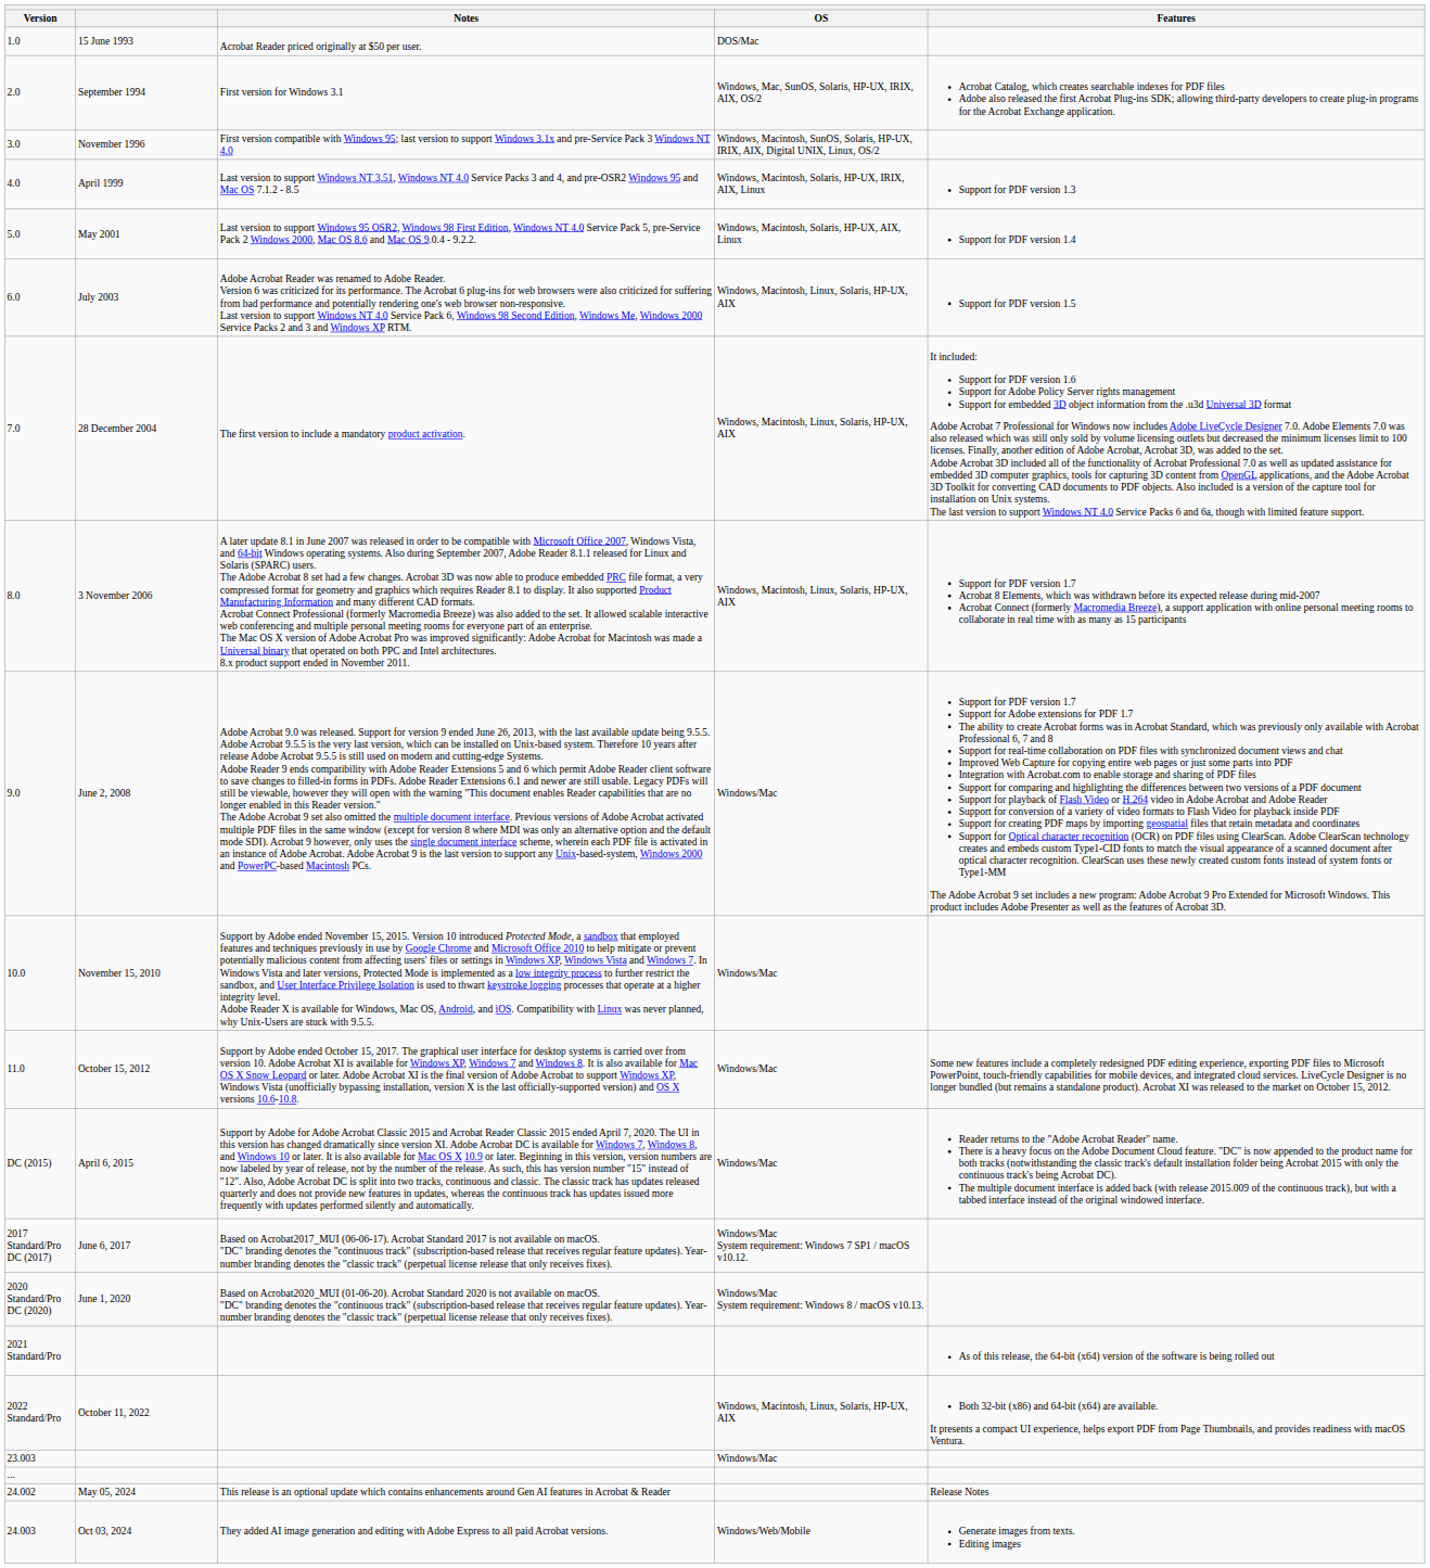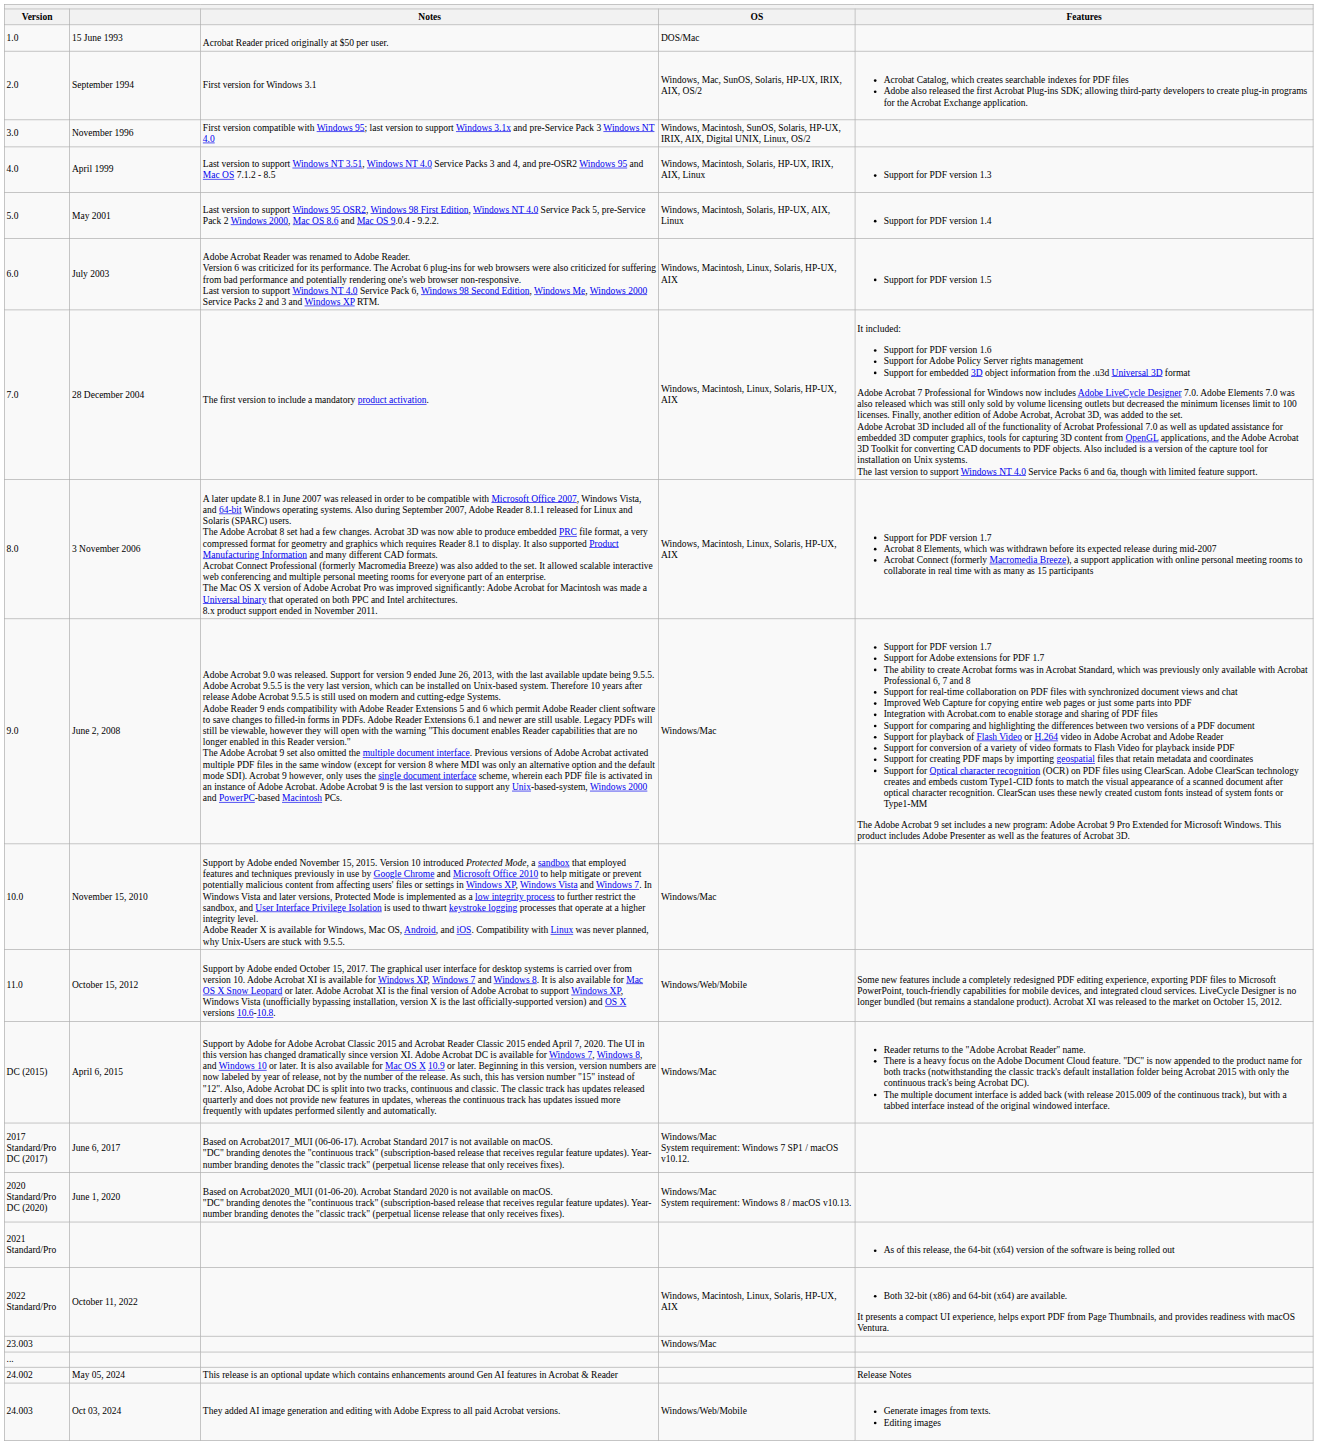 <table class="wikitable collapsible" style="width:100%; font-size:90%;">
 <tr>
 <th colspan="5" style="text-align:center;"></th>
 </tr>
 <tr>
 <th style="width:5%; text-align:center;">Version</th>
 <th style="width:10%; text-align:center;"></th>
 <th style="width:35%; text-align:center;">Notes</th>
 <th>OS</th>
 <th style="width:35%; text-align:center;">Features</th>
 </tr>
 <tr>
 <td>1.0</td>
 <td>15 June 1993</td>
 <td><br>Acrobat Reader priced originally at $50 per user.</td>
 <td>DOS/Mac</td>
 <td></td>
 </tr>
 <tr>
 <td>2.0</td>
 <td>September 1994</td>
 <td>First version for Windows 3.1</td>
 <td>Windows, Mac, SunOS, Solaris, HP-UX, IRIX, AIX, OS/2</td>
 <td><br><ul><li>Acrobat Catalog, which creates searchable indexes for PDF files</li><li>Adobe also released the first Acrobat Plug-ins SDK; allowing third-party developers to create plug-in programs for the Acrobat Exchange application.</li></ul></td>
 </tr>
 <tr>
 <td>3.0</td>
 <td>November 1996</td>
 <td>First version compatible with <a href='#'>Windows 95</a>; last version to support <a href='#'>Windows 3.1x</a> and pre-Service Pack 3 <a href='#'>Windows NT 4.0</a></td>
 <td>Windows, Macintosh, SunOS, Solaris, HP-UX, IRIX, AIX, Digital UNIX, Linux, OS/2</td>
 <td></td>
 </tr>
 <tr>
 <td>4.0</td>
 <td>April 1999</td>
 <td>Last version to support <a href='#'>Windows NT 3.51</a>, <a href='#'>Windows NT 4.0</a> Service Packs 3 and 4, and pre-OSR2 <a href='#'>Windows 95</a> and <a href='#'>Mac OS</a> 7.1.2 - 8.5</td>
 <td>Windows, Macintosh, Solaris, HP-UX, IRIX, AIX, Linux</td>
 <td><br><ul><li>Support for PDF version 1.3</li></ul></td>
 </tr>
 <tr>
 <td>5.0</td>
 <td>May 2001</td>
 <td>Last version to support <a href='#'>Windows 95 OSR2</a>, <a href='#'>Windows 98 First Edition</a>, <a href='#'>Windows NT 4.0</a> Service Pack 5, pre-Service Pack 2 <a href='#'>Windows 2000</a>, <a href='#'>Mac OS 8.6</a> and <a href='#'>Mac OS 9</a>.0.4 - 9.2.2.</td>
 <td>Windows, Macintosh, Solaris, HP-UX, AIX, Linux</td>
 <td><br><ul><li>Support for PDF version 1.4</li></ul></td>
 </tr>
 <tr>
 <td>6.0</td>
 <td>July 2003</td>
 <td><br>Adobe Acrobat Reader was renamed to Adobe Reader.<br>Version 6 was criticized for its performance. The Acrobat 6 plug-ins for web browsers were also criticized for suffering from bad performance and potentially rendering one's web browser non-responsive.<br>Last version to support <a href='#'>Windows NT 4.0</a> Service Pack 6, <a href='#'>Windows 98 Second Edition</a>, <a href='#'>Windows Me</a>, <a href='#'>Windows 2000</a> Service Packs 2 and 3 and <a href='#'>Windows XP</a> RTM.</td>
 <td>Windows, Macintosh, Linux, Solaris, HP-UX, AIX</td>
 <td><br><ul><li>Support for PDF version 1.5</li></ul></td>
 </tr>
 <tr>
 <td>7.0</td>
 <td>28 December 2004</td>
 <td><br>The first version to include a mandatory <a href='#'>product activation</a>.</td>
 <td>Windows, Macintosh, Linux, Solaris, HP-UX, AIX</td>
 <td><br>It included:<ul><li>Support for PDF version 1.6</li><li>Support for Adobe Policy Server rights management</li><li>Support for embedded <a href='#'>3D</a> object information from the .u3d <a href='#'>Universal 3D</a> format</li></ul>Adobe Acrobat 7 Professional for Windows now includes <a href='#'>Adobe LiveCycle Designer</a> 7.0. Adobe Elements 7.0 was also released which was still only sold by volume licensing outlets but decreased the minimum licenses limit to 100 licenses. Finally, another edition of Adobe Acrobat, Acrobat 3D, was added to the set.<br>Adobe Acrobat 3D included all of the functionality of Acrobat Professional 7.0 as well as updated assistance for embedded 3D computer graphics, tools for capturing 3D content from <a href='#'>OpenGL</a> applications, and the Adobe Acrobat 3D Toolkit for converting CAD documents to PDF objects. Also included is a version of the capture tool for installation on Unix systems.<br>The last version to support <a href='#'>Windows NT 4.0</a> Service Packs 6 and 6a, though with limited feature support.</td>
 </tr>
 <tr>
 <td>8.0</td>
 <td>3 November 2006</td>
 <td><br>A later update 8.1 in June 2007 was released in order to be compatible with <a href='#'>Microsoft Office 2007</a>, Windows Vista, and <a href='#'>64-bit</a> Windows operating systems. Also during September 2007, Adobe Reader 8.1.1 released for Linux and Solaris (SPARC) users.<br>The Adobe Acrobat 8 set had a few changes. Acrobat 3D was now able to produce embedded <a href='#'>PRC</a> file format, a very compressed format for geometry and graphics which requires Reader 8.1 to display. It also supported <a href='#'>Product Manufacturing Information</a> and many different CAD formats.<br>Acrobat Connect Professional (formerly Macromedia Breeze) was also added to the set. It allowed scalable interactive web conferencing and multiple personal meeting rooms for everyone part of an enterprise.<br>The Mac OS X version of Adobe Acrobat Pro was improved significantly: Adobe Acrobat for Macintosh was made a <a href='#'>Universal binary</a> that operated on both PPC and Intel architectures.<br>8.x product support ended in November 2011.</td>
 <td>Windows, Macintosh, Linux, Solaris, HP-UX, AIX</td>
 <td><br><ul><li>Support for PDF version 1.7</li><li>Acrobat 8 Elements, which was withdrawn before its expected release during mid-2007</li><li>Acrobat Connect (formerly <a href='#'>Macromedia Breeze</a>), a support application with online personal meeting rooms to collaborate in real time with as many as 15 participants</li></ul></td>
 </tr>
 <tr>
 <td>9.0</td>
 <td>June 2, 2008</td>
 <td><br>Adobe Acrobat 9.0 was released. Support for version 9 ended June 26, 2013, with the last available update being 9.5.5. Adobe Acrobat 9.5.5 is the very last version, which can be installed on Unix-based system. Therefore 10 years after release Adobe Acrobat 9.5.5 is still used on modern and cutting-edge Systems.<br>Adobe Reader 9 ends compatibility with Adobe Reader Extensions 5 and 6 which permit Adobe Reader client software to save changes to filled-in forms in PDFs. Adobe Reader Extensions 6.1 and newer are still usable. Legacy PDFs will still be viewable, however they will open with the warning "This document enables Reader capabilities that are no longer enabled in this Reader version."<br>The Adobe Acrobat 9 set also omitted the <a href='#'>multiple document interface</a>. Previous versions of Adobe Acrobat activated multiple PDF files in the same window (except for version 8 where MDI was only an alternative option and the default mode SDI). Acrobat 9 however, only uses the <a href='#'>single document interface</a> scheme, wherein each PDF file is activated in an instance of Adobe Acrobat. Adobe Acrobat 9 is the last version to support any <a href='#'>Unix</a>-based-system, <a href='#'>Windows 2000</a> and <a href='#'>PowerPC</a>-based <a href='#'>Macintosh</a> PCs.</td>
 <td>Windows/Mac</td>
 <td><br><ul><li>Support for PDF version 1.7</li><li>Support for Adobe extensions for PDF 1.7</li><li>The ability to create Acrobat forms was in Acrobat Standard, which was previously only available with Acrobat Professional 6, 7 and 8</li><li>Support for real-time collaboration on PDF files with synchronized document views and chat</li><li>Improved Web Capture for copying entire web pages or just some parts into PDF</li><li>Integration with Acrobat.com to enable storage and sharing of PDF files</li><li>Support for comparing and highlighting the differences between two versions of a PDF document</li><li>Support for playback of <a href='#'>Flash Video</a> or <a href='#'>H.264</a> video in Adobe Acrobat and Adobe Reader</li><li>Support for conversion of a variety of video formats to Flash Video for playback inside PDF</li><li>Support for creating PDF maps by importing <a href='#'>geospatial</a> files that retain metadata and coordinates</li><li>Support for <a href='#'>Optical character recognition</a> (OCR) on PDF files using ClearScan. Adobe ClearScan technology creates and embeds custom Type1-CID fonts to match the visual appearance of a scanned document after optical character recognition. ClearScan uses these newly created custom fonts instead of system fonts or Type1-MM</li></ul>The Adobe Acrobat 9 set includes a new program: Adobe Acrobat 9 Pro Extended for Microsoft Windows. This product includes Adobe Presenter as well as the features of Acrobat 3D.</td>
 </tr>
 <tr>
 <td>10.0</td>
 <td>November 15, 2010</td>
 <td><br>Support by Adobe ended November 15, 2015. Version 10 introduced <em>Protected Mode</em>, a <a href='#'>sandbox</a> that employed features and techniques previously in use by <a href='#'>Google Chrome</a> and <a href='#'>Microsoft Office 2010</a> to help mitigate or prevent potentially malicious content from affecting users' files or settings in <a href='#'>Windows XP</a>, <a href='#'>Windows Vista</a> and <a href='#'>Windows 7</a>. In Windows Vista and later versions, Protected Mode is implemented as a <a href='#'>low integrity process</a> to further restrict the sandbox, and <a href='#'>User Interface Privilege Isolation</a> is used to thwart <a href='#'>keystroke logging</a> processes that operate at a higher integrity level.<br>Adobe Reader X is available for Windows, Mac OS, <a href='#'>Android</a>, and <a href='#'>iOS</a>. Compatibility with <a href='#'>Linux</a> was never planned, why Unix-Users are stuck with 9.5.5.</td>
 <td>Windows/Mac</td>
 <td></td>
 </tr>
 <tr>
 <td>11.0</td>
 <td>October 15, 2012</td>
 <td><br>Support by Adobe ended October 15, 2017.  The graphical user interface for desktop systems is carried over from version 10. Adobe Acrobat XI is available for <a href='#'>Windows XP</a>, <a href='#'>Windows 7</a> and <a href='#'>Windows 8</a>. It is also available for <a href='#'>Mac OS X Snow Leopard</a> or later. Adobe Acrobat XI is the final version of Adobe Acrobat to support <a href='#'>Windows XP</a>, Windows Vista (unofficially bypassing installation, version X is the last officially-supported version) and <a href='#'>OS X</a> versions <a href='#'>10.6</a>-<a href='#'>10.8</a>.</td>
-<td>Windows/Mac</td>
+<td>Windows/Web/Mobile</td>
 <td><br>Some new features include a completely redesigned PDF editing experience, exporting PDF files to Microsoft PowerPoint, touch-friendly capabilities for mobile devices, and integrated cloud services. LiveCycle Designer is no longer bundled (but remains a standalone product). Acrobat XI was released to the market on October 15, 2012.</td>
 </tr>
 <tr>
 <td>DC (2015)</td>
 <td>April 6, 2015</td>
 <td><br>Support by Adobe for Adobe Acrobat Classic 2015 and Acrobat Reader Classic 2015 ended April 7, 2020. The UI in this version has changed dramatically since version XI. Adobe Acrobat DC is available for <a href='#'>Windows 7</a>, <a href='#'>Windows 8</a>, and <a href='#'>Windows 10</a> or later. It is also available for <a href='#'>Mac OS X</a> <a href='#'>10.9</a> or later. Beginning in this version, version numbers are now labeled by year of release, not by the number of the release. As such, this has version number "15" instead of "12". Also, Adobe Acrobat DC is split into two tracks, continuous and classic. The classic track has updates released quarterly and does not provide new features in updates, whereas the continuous track has updates issued more frequently with updates performed silently and automatically.</td>
 <td>Windows/Mac</td>
 <td><br><ul><li>Reader returns to the "Adobe Acrobat Reader" name.</li><li>There is a heavy focus on the Adobe Document Cloud feature. "DC" is now appended to the product name for both tracks (notwithstanding the classic track's default installation folder being Acrobat 2015 with only the continuous track's being Acrobat DC).</li><li>The multiple document interface is added back (with release 2015.009 of the continuous track), but with a tabbed interface instead of the original windowed interface.</li></ul></td>
 </tr>
 <tr>
 <td>2017 Standard/Pro<br>DC (2017)</td>
 <td>June 6, 2017</td>
 <td><br>Based on Acrobat2017_MUI (06-06-17). Acrobat Standard 2017 is not available on macOS.<br>"DC" branding denotes the "continuous track" (subscription-based release that receives regular feature updates). Year-number branding denotes the "classic track" (perpetual license release that only receives fixes).</td>
 <td>Windows/Mac<br>System requirement: Windows 7 SP1 / macOS v10.12.</td>
 <td></td>
 </tr>
 <tr>
 <td>2020 Standard/Pro<br>DC (2020)</td>
 <td>June 1, 2020</td>
 <td><br>Based on Acrobat2020_MUI (01-06-20). Acrobat Standard 2020 is not available on macOS.<br>"DC" branding denotes the "continuous track" (subscription-based release that receives regular feature updates). Year-number branding denotes the "classic track" (perpetual license release that only receives fixes).</td>
 <td>Windows/Mac<br>System requirement: Windows 8 / macOS v10.13.</td>
 <td></td>
 </tr>
 <tr>
 <td>2021<br>Standard/Pro</td>
 <td></td>
 <td></td>
 <td></td>
 <td><br><ul><li>As of this release, the 64-bit (x64) version of the software is being rolled out</li></ul></td>
 </tr>
 <tr>
 <td>2022<br>Standard/Pro</td>
 <td>October 11, 2022</td>
 <td></td>
 <td>Windows, Macintosh, Linux, Solaris, HP-UX, AIX</td>
 <td><br><ul><li>Both 32-bit (x86) and 64-bit (x64) are available.</li></ul>It presents a compact UI experience, helps export PDF from Page Thumbnails, and provides readiness with macOS Ventura.</td>
 </tr>
 <tr>
 <td>23.003</td>
 <td></td>
 <td></td>
 <td>Windows/Mac</td>
 <td></td>
 </tr>
 <tr>
 <td>...</td>
 <td></td>
 <td></td>
 <td></td>
 <td></td>
 </tr>
 <tr>
 <td>24.002</td>
 <td>May 05, 2024</td>
 <td>This release is an optional update which contains enhancements around Gen AI features in Acrobat & Reader</td>
 <td></td>
 <td>Release Notes </td>
 </tr>
 <tr>
 <td>24.003</td>
 <td>Oct 03, 2024</td>
 <td>They added AI image generation and editing with Adobe Express to all paid Acrobat versions.</td>
 <td>Windows/Web/Mobile</td>
 <td><br><ul><li>Generate images from texts.</li><li>Editing images</li></ul></td>
 </tr>
 </table>
